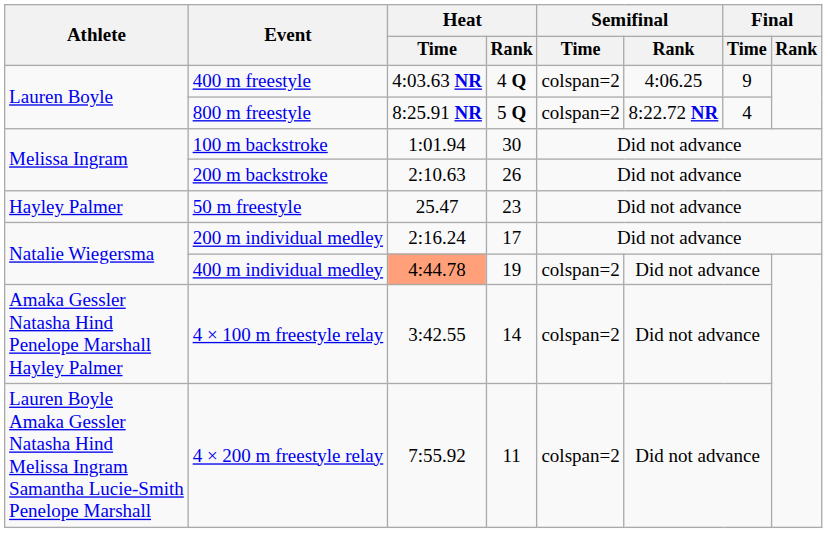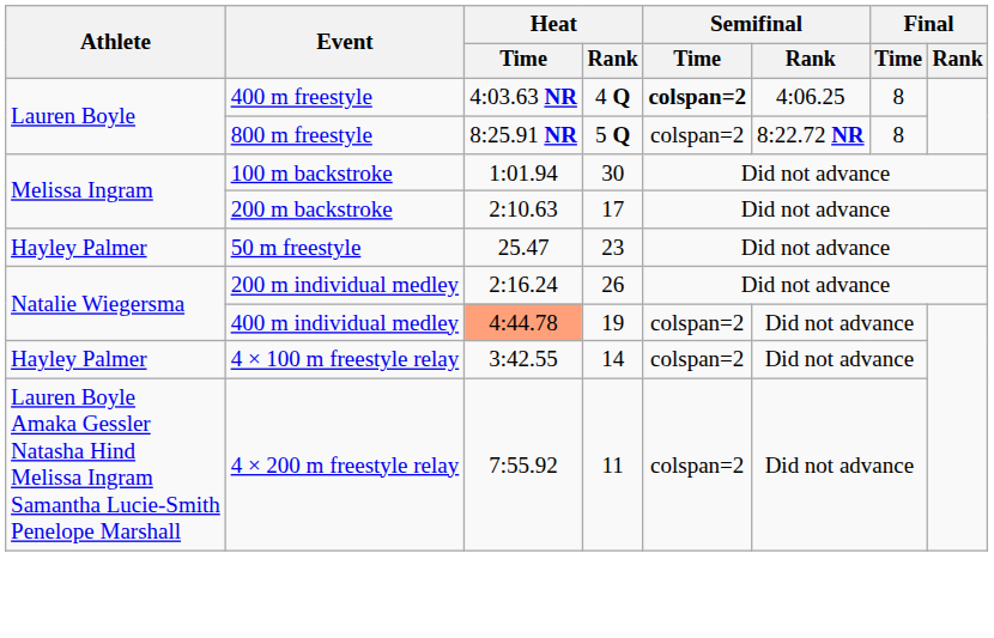 <table class=wikitable style="font-size:90%">
 <tr>
 <th rowspan="2">Athlete</th>
 <th rowspan="2">Event</th>
 <th colspan="2">Heat</th>
 <th colspan="2">Semifinal</th>
 <th colspan="2">Final</th>
 </tr>
 <tr style="font-size:95%">
 <th>Time</th>
 <th>Rank</th>
 <th>Time</th>
 <th>Rank</th>
 <th>Time</th>
 <th>Rank</th>
 </tr>
 <tr align=center>
 <td align=left rowspan=2><a href='#'>Lauren Boyle</a></td>
 <td align=left><a href='#'>400 m freestyle</a></td>
 <td>4:03.63 <strong><a href='#'>NR</a></strong></td>
 <td>4 <strong>Q</strong></td>
-<td>colspan=2 </td>
+<td><strong>colspan=2 </strong></td>
 <td>4:06.25</td>
-<td>9</td>
+<td>8</td>
 </tr>
 <tr align=center>
 <td align=left><a href='#'>800 m freestyle</a></td>
 <td>8:25.91 <strong><a href='#'>NR</a></strong></td>
 <td>5 <strong>Q</strong></td>
 <td>colspan=2 </td>
 <td>8:22.72 <strong><a href='#'>NR</a></strong></td>
-<td>4</td>
+<td>8</td>
 </tr>
 <tr align=center>
 <td align=left rowspan=2><a href='#'>Melissa Ingram</a></td>
 <td align=left><a href='#'>100 m backstroke</a></td>
 <td>1:01.94</td>
 <td>30</td>
 <td colspan=4>Did not advance</td>
 </tr>
 <tr align=center>
 <td align=left><a href='#'>200 m backstroke</a></td>
 <td>2:10.63</td>
-<td>26</td>
+<td>17</td>
 <td colspan=4>Did not advance</td>
 </tr>
 <tr align=center>
 <td align=left><a href='#'>Hayley Palmer</a></td>
 <td align=left><a href='#'>50 m freestyle</a></td>
 <td>25.47</td>
 <td>23</td>
 <td colspan=4>Did not advance</td>
 </tr>
 <tr align=center>
 <td align=left rowspan=2><a href='#'>Natalie Wiegersma</a></td>
 <td align=left><a href='#'>200 m individual medley</a></td>
 <td>2:16.24</td>
-<td>17</td>
+<td>26</td>
 <td colspan=4>Did not advance</td>
 </tr>
 <tr align=center>
 <td align=left><a href='#'>400 m individual medley</a></td>
 <td style="background: lightsalmon;">4:44.78</td>
 <td>19</td>
 <td>colspan=2 </td>
 <td colspan=2>Did not advance</td>
 </tr>
 <tr align=center>
-<td align=left><a href='#'>Amaka Gessler</a><br><a href='#'>Natasha Hind</a><br><a href='#'>Penelope Marshall</a><br><a href='#'>Hayley Palmer</a></td>
+<td align=left><a href='#'>Hayley Palmer</a></td>
 <td align=left><a href='#'>4 × 100 m freestyle relay</a></td>
 <td>3:42.55</td>
 <td>14</td>
 <td>colspan=2 </td>
 <td colspan=2>Did not advance</td>
 </tr>
 <tr align=center>
 <td align=left><a href='#'>Lauren Boyle</a><br><a href='#'>Amaka Gessler</a><br><a href='#'>Natasha Hind</a><br><a href='#'>Melissa Ingram</a><br><a href='#'>Samantha Lucie-Smith</a><br><a href='#'>Penelope Marshall</a></td>
 <td align=left><a href='#'>4 × 200 m freestyle relay</a></td>
 <td>7:55.92</td>
 <td>11</td>
 <td>colspan=2 </td>
 <td colspan=2>Did not advance</td>
 </tr>
 </table>
